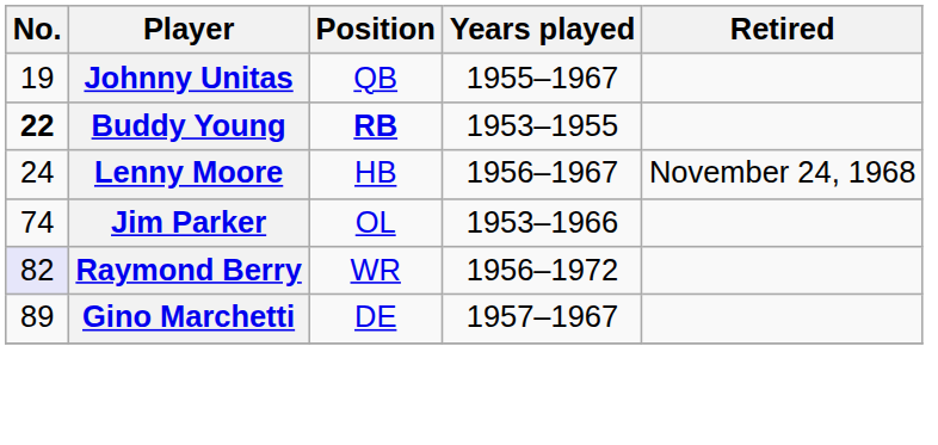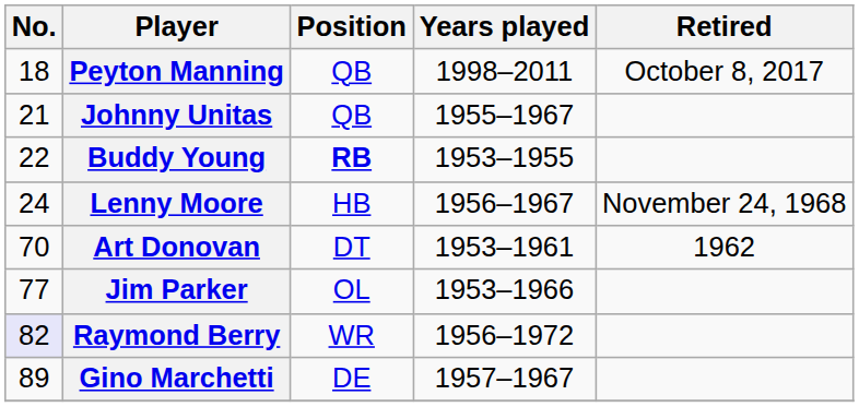 <table class="wikitable plainrowheaders " style="text-align:center">
 <tr>
 <th scope="col">No.</th>
 <th scope="col">Player</th>
 <th scope="col">Position</th>
 <th scope="col">Years played</th>
 <th scope="col">Retired</th>
 </tr>
 <tr>
-<td>19</td>
+<td>18</td>
+<th scope="row"><a href='#'>Peyton Manning</a></th>
+<td><a href='#'>QB</a></td>
+<td>1998–2011</td>
+<td>October 8, 2017</td>
+</tr>
+<tr>
+<td>21</td>
 <th scope="row"><a href='#'>Johnny Unitas</a></th>
 <td><a href='#'>QB</a></td>
 <td>1955–1967</td>
 <td></td>
 </tr>
 <tr>
-<td><strong>22</strong></td>
+<td>22</td>
 <th scope="row"><a href='#'>Buddy Young</a></th>
 <td><strong><a href='#'>RB</a></strong></td>
 <td>1953–1955</td>
 <td></td>
 </tr>
 <tr>
 <td>24</td>
 <th scope="row"><a href='#'>Lenny Moore</a></th>
 <td><a href='#'>HB</a></td>
 <td>1956–1967</td>
 <td>November 24, 1968</td>
 </tr>
 <tr>
-<td>74</td>
+<td>70</td>
+<th scope="row"><a href='#'>Art Donovan</a></th>
+<td><a href='#'>DT</a></td>
+<td>1953–1961</td>
+<td>1962</td>
+</tr>
+<tr>
+<td>77</td>
 <th scope="row"><a href='#'>Jim Parker</a></th>
 <td><a href='#'>OL</a></td>
 <td>1953–1966</td>
 <td></td>
 </tr>
 <tr>
 <td style="background: lavender;">82</td>
 <th scope="row"><a href='#'>Raymond Berry</a></th>
 <td><a href='#'>WR</a></td>
 <td>1956–1972</td>
 <td></td>
 </tr>
 <tr>
 <td>89</td>
 <th scope="row"><a href='#'>Gino Marchetti</a></th>
 <td><a href='#'>DE</a></td>
 <td>1957–1967</td>
 <td></td>
 </tr>
 <tr>
 </tr>
 </table>
